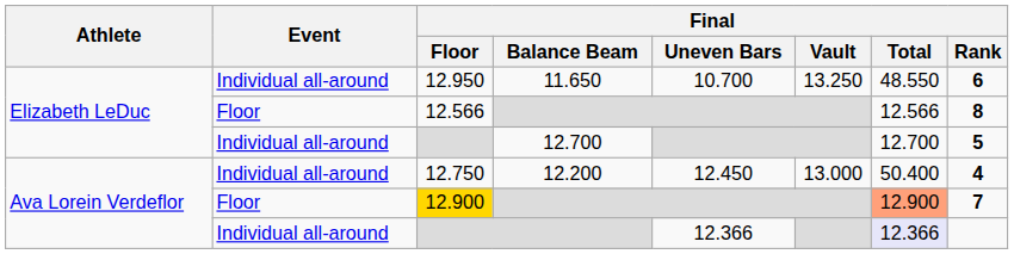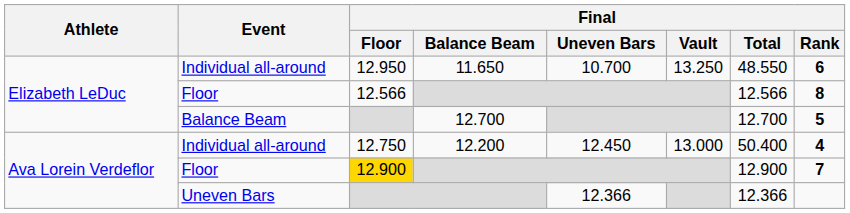 <table class="wikitable" width="85%" style="text-align:left; font-size:90%">
 <tr>
 <th rowspan=2>Athlete</th>
 <th rowspan=2>Event</th>
 <th colspan=8>Final</th>
 </tr>
 <tr>
 <th>Floor</th>
 <th>Balance Beam</th>
 <th>Uneven Bars</th>
 <th>Vault</th>
 <th>Total</th>
 <th width="6%">Rank</th>
 </tr>
 <tr>
 <td rowspan=3><a href='#'>Elizabeth LeDuc</a></td>
 <td><a href='#'>Individual all-around</a></td>
 <td style="text-align:center;">12.950</td>
 <td style="text-align:center;">11.650</td>
 <td style="text-align:center;">10.700</td>
 <td style="text-align:center;">13.250</td>
 <td style="text-align:center;">48.550</td>
 <td style="text-align:center;"><strong>6</strong></td>
 </tr>
 <tr>
 <td><a href='#'>Floor</a></td>
 <td style="text-align:center;">12.566</td>
 <td bgcolor=#DCDCDC colspan=3></td>
 <td style="text-align:center;">12.566</td>
 <td style="text-align:center;"><strong>8</strong></td>
 </tr>
 <tr>
-<td><a href='#'>Individual all-around</a></td>
+<td><a href='#'>Balance Beam</a></td>
 <td bgcolor=#DCDCDC></td>
 <td style="text-align:center;">12.700</td>
 <td bgcolor=#DCDCDC colspan=2></td>
 <td style="text-align:center;">12.700</td>
 <td style="text-align:center;"><strong>5</strong></td>
 </tr>
 <tr>
 <td rowspan=3><a href='#'>Ava Lorein Verdeflor</a></td>
 <td><a href='#'>Individual all-around</a></td>
 <td style="text-align:center;">12.750</td>
 <td style="text-align:center;">12.200</td>
 <td style="text-align:center;">12.450</td>
 <td style="text-align:center;">13.000</td>
 <td style="text-align:center;">50.400</td>
 <td style="text-align:center;"><strong>4</strong></td>
 </tr>
 <tr>
 <td><a href='#'>Floor</a></td>
 <td style="background: gold; text-align:center;">12.900</td>
 <td bgcolor=#DCDCDC colspan=3></td>
-<td style="background: lightsalmon; text-align:center;">12.900</td>
+<td style="text-align:center;">12.900</td>
 <td style="text-align:center;"><strong>7</strong></td>
 </tr>
 <tr>
-<td><a href='#'>Individual all-around</a></td>
+<td><a href='#'>Uneven Bars</a></td>
 <td bgcolor=#DCDCDC colspan=2></td>
 <td style="text-align:center;">12.366</td>
 <td bgcolor=#DCDCDC></td>
-<td style="background: lavender; text-align:center;">12.366</td>
+<td style="text-align:center;">12.366</td>
 <td style="text-align:center;"></td>
 </tr>
 </table>
